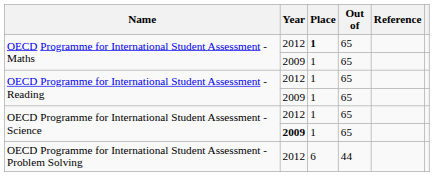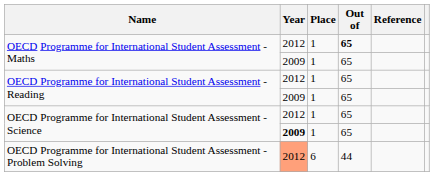 <table class="wikitable">
 <tr>
 <th>Name</th>
 <th>Year</th>
 <th>Place</th>
 <th>Out of</th>
 <th>Reference</th>
 <th></th>
 </tr>
 <tr>
 <td rowspan="2"><a href='#'>OECD</a> <a href='#'>Programme for International Student Assessment</a> - Maths</td>
 <td>2012</td>
-<td><strong>1</strong></td>
-<td>65</td>
+<td>1</td>
+<td><strong>65</strong></td>
 <td></td>
 <td></td>
 </tr>
 <tr>
 <td>2009</td>
 <td>1</td>
 <td>65</td>
 <td></td>
 <td></td>
 </tr>
 <tr>
 <td rowspan="2"><a href='#'>OECD Programme for International Student Assessment</a> - Reading</td>
 <td>2012</td>
 <td>1</td>
 <td>65</td>
 <td></td>
 <td></td>
 </tr>
 <tr>
 <td>2009</td>
 <td>1</td>
 <td>65</td>
 <td></td>
 <td></td>
 </tr>
 <tr>
 <td rowspan="2">OECD Programme for International Student Assessment - Science</td>
 <td>2012</td>
 <td>1</td>
 <td>65</td>
 <td></td>
 <td></td>
 </tr>
 <tr>
 <td><strong>2009</strong></td>
 <td>1</td>
 <td>65</td>
 <td></td>
 <td></td>
 </tr>
 <tr>
 <td>OECD Programme for International Student Assessment - Problem Solving</td>
-<td>2012</td>
+<td style="background: lightsalmon;">2012</td>
 <td>6</td>
 <td>44</td>
 <td></td>
 <td></td>
 </tr>
 </table>
